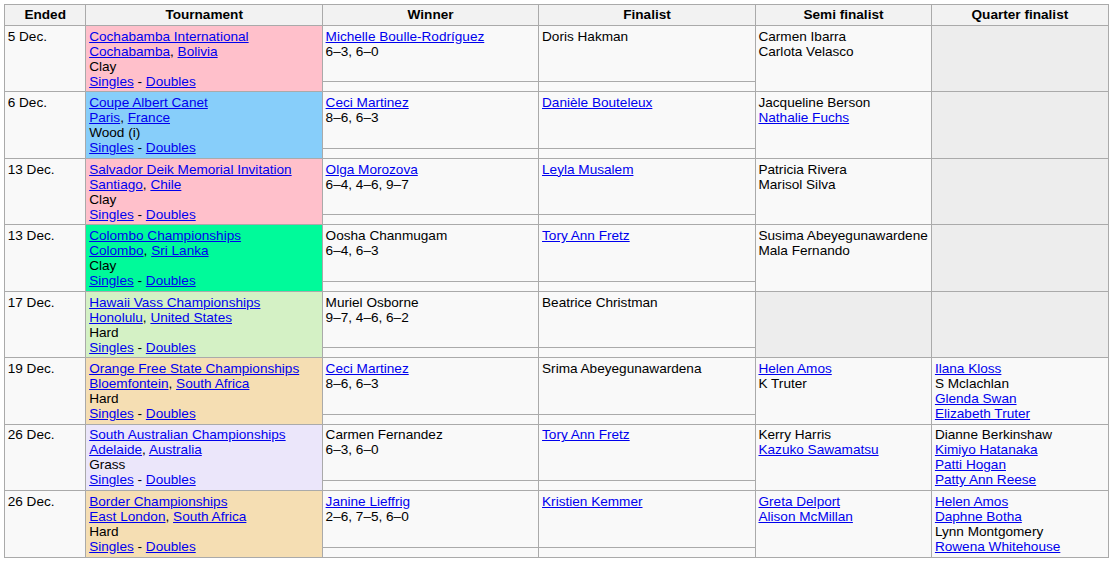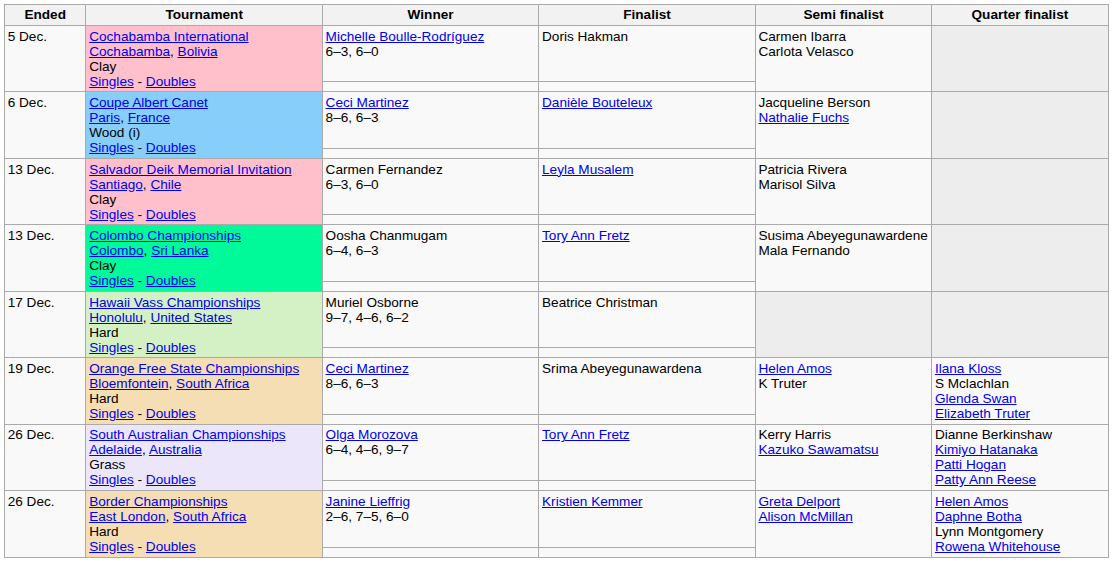 <table class="wikitable" style="font-size:85%;">
 <tr>
 <th width="75">Ended</th>
 <th width="230">Tournament</th>
 <th width="210">Winner</th>
 <th width="210">Finalist</th>
 <th width="170">Semi finalist</th>
 <th width="170">Quarter finalist</th>
 </tr>
 <tr valign=top>
 <td rowspan=2>5 Dec.</td>
 <td style="background:#FFC0CB;" rowspan=2><a href='#'>Cochabamba International</a><br><a href='#'>Cochabamba</a>, <a href='#'>Bolivia</a><br>Clay<br><a href='#'>Singles</a> - <a href='#'>Doubles</a></td>
 <td> <a href='#'>Michelle Boulle-Rodríguez</a><br>6–3, 6–0</td>
 <td>  Doris Hakman</td>
 <td rowspan=2> Carmen Ibarra  <br> Carlota Velasco</td>
 <td style="background:#ededed;" rowspan=2></td>
 </tr>
 <tr valign=top>
 <td></td>
 <td></td>
 </tr>
 <tr valign=top>
 <td rowspan=2>6 Dec.</td>
 <td style="background:#87CEFA;" rowspan=2><a href='#'>Coupe Albert Canet</a><br> <a href='#'>Paris</a>, <a href='#'>France</a><br>Wood (i)<br><a href='#'>Singles</a> - <a href='#'>Doubles</a></td>
 <td> <a href='#'>Ceci Martinez</a> <br>8–6, 6–3</td>
 <td> <a href='#'>Danièle Bouteleux</a></td>
 <td rowspan=2> Jacqueline Berson<br>  <a href='#'>Nathalie Fuchs</a></td>
 <td style="background:#ededed;" rowspan=2></td>
 </tr>
 <tr valign=top>
 <td></td>
 <td></td>
 </tr>
 <tr valign=top>
 <td rowspan=2>13 Dec.</td>
 <td style="background:#FFC0CB;" rowspan=2><a href='#'>Salvador Deik Memorial Invitation</a><br><a href='#'>Santiago</a>, <a href='#'>Chile</a><br>Clay<br><a href='#'>Singles</a> - <a href='#'>Doubles</a></td>
-<td> <a href='#'>Olga Morozova</a><br>6–4, 4–6, 9–7</td>
+<td> Carmen Fernandez<br>6–3, 6–0</td>
 <td> <a href='#'>Leyla Musalem</a></td>
 <td rowspan=2> Patricia Rivera  <br> Marisol Silva</td>
 <td style="background:#ededed;" rowspan=2></td>
 </tr>
 <tr valign=top>
 <td></td>
 <td></td>
 </tr>
 <tr valign=top>
 <td rowspan=2>13 Dec.</td>
 <td style="background:#00FA9A;" rowspan=2><a href='#'>Colombo Championships</a><br><a href='#'>Colombo</a>, <a href='#'>Sri Lanka</a><br>Clay<br><a href='#'>Singles</a> - <a href='#'>Doubles</a></td>
 <td> Oosha Chanmugam<br>6–4, 6–3</td>
 <td> <a href='#'>Tory Ann Fretz</a></td>
 <td rowspan=2> Susima Abeyegunawardene<br> Mala Fernando</td>
 <td style="background:#ededed;" rowspan=2></td>
 </tr>
 <tr valign=top>
 <td></td>
 <td></td>
 </tr>
 <tr valign=top>
 <td rowspan=2>17 Dec.</td>
 <td style="background:#D4F1C5;" rowspan=2><a href='#'>Hawaii Vass Championships</a><br><a href='#'>Honolulu</a>, <a href='#'>United States</a><br>Hard<br><a href='#'>Singles</a> - <a href='#'>Doubles</a></td>
 <td> Muriel Osborne<br>9–7, 4–6, 6–2</td>
 <td> Beatrice Christman</td>
 <td style="background:#ededed;" rowspan=2></td>
 <td style="background:#ededed;" rowspan=2></td>
 </tr>
 <tr valign=top>
 <td></td>
 <td></td>
 </tr>
 <tr valign=top>
 <td rowspan=2>19 Dec.</td>
 <td style="background:#F5DEB3;" rowspan=2><a href='#'>Orange Free State Championships</a><br> <a href='#'>Bloemfontein</a>, <a href='#'>South Africa</a><br>Hard<br><a href='#'>Singles</a> - <a href='#'>Doubles</a></td>
 <td> <a href='#'>Ceci Martinez</a> <br>8–6, 6–3</td>
 <td> Srima Abeyegunawardena</td>
 <td rowspan=2> <a href='#'>Helen Amos</a> <br> K Truter</td>
 <td rowspan=2> <a href='#'>Ilana Kloss</a> <br>  	S Mclachlan  <br>  <a href='#'>Glenda Swan</a>  <br>   <a href='#'>Elizabeth Truter</a></td>
 </tr>
 <tr valign=top>
 <td></td>
 <td></td>
 </tr>
 <tr valign=top>
 <td rowspan=2>26 Dec.</td>
 <td style="background:#ebe6fa;" rowspan=2><a href='#'>South Australian Championships</a><br><a href='#'>Adelaide</a>, <a href='#'>Australia</a><br>Grass<br><a href='#'>Singles</a> - <a href='#'>Doubles</a></td>
-<td> Carmen Fernandez<br>6–3, 6–0</td>
+<td> <a href='#'>Olga Morozova</a><br>6–4, 4–6, 9–7</td>
 <td> <a href='#'>Tory Ann Fretz</a></td>
 <td rowspan=2> Kerry Harris<br> <a href='#'>Kazuko Sawamatsu</a></td>
 <td rowspan=2> Dianne Berkinshaw <br> <a href='#'>Kimiyo Hatanaka</a><br> <a href='#'>Patti Hogan</a> <br> <a href='#'>Patty Ann Reese</a></td>
 </tr>
 <tr valign=top>
 <td></td>
 <td></td>
 </tr>
 <tr valign=top>
 <td rowspan=2>26 Dec.</td>
 <td style="background:#F5DEB3;" rowspan=2><a href='#'>Border Championships</a><br><a href='#'>East London</a>, <a href='#'>South Africa</a><br>Hard<br><a href='#'>Singles</a> - <a href='#'>Doubles</a></td>
 <td> <a href='#'>Janine Lieffrig</a><br>2–6, 7–5, 6–0</td>
 <td> <a href='#'>Kristien Kemmer</a></td>
 <td rowspan=2> <a href='#'>Greta Delport</a> <br> <a href='#'>Alison McMillan</a></td>
 <td rowspan=2> <a href='#'>Helen Amos</a> <br>  <a href='#'>Daphne Botha</a> <br> Lynn Montgomery  <br>  <a href='#'>Rowena Whitehouse</a></td>
 </tr>
 <tr valign=top>
 <td></td>
 <td></td>
 </tr>
 <tr valign=top>
 </tr>
 </table>
